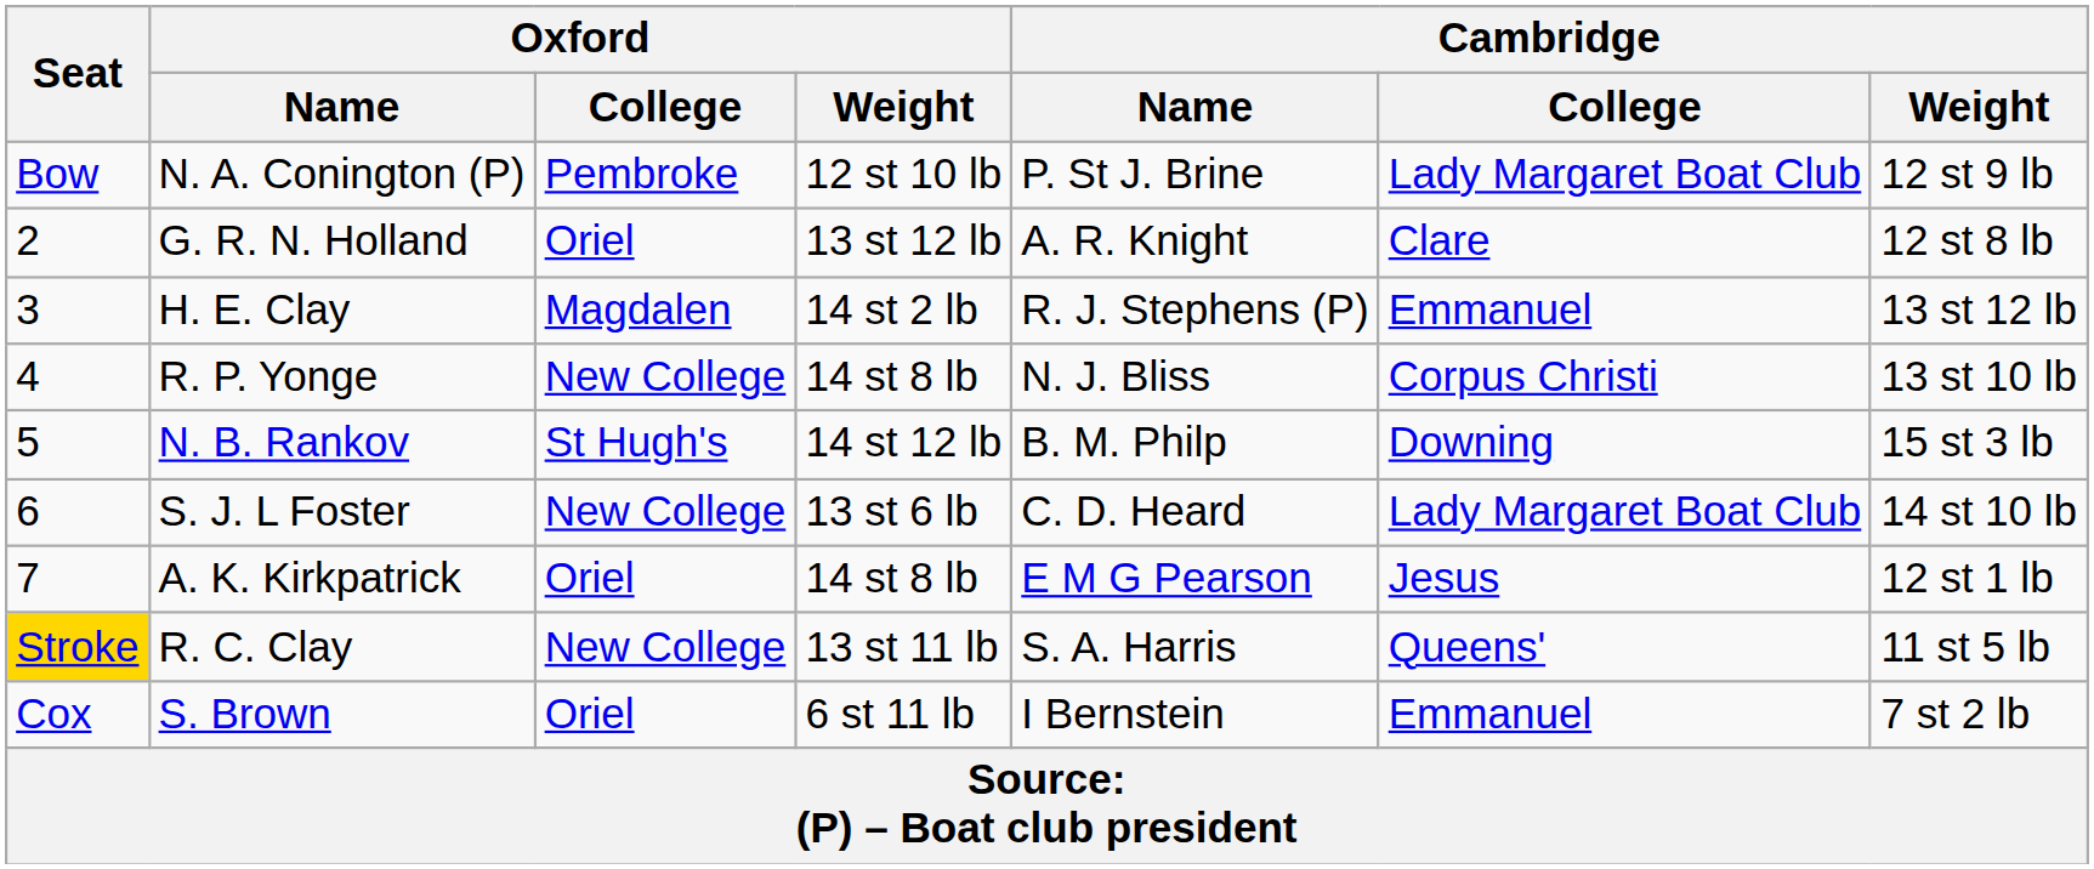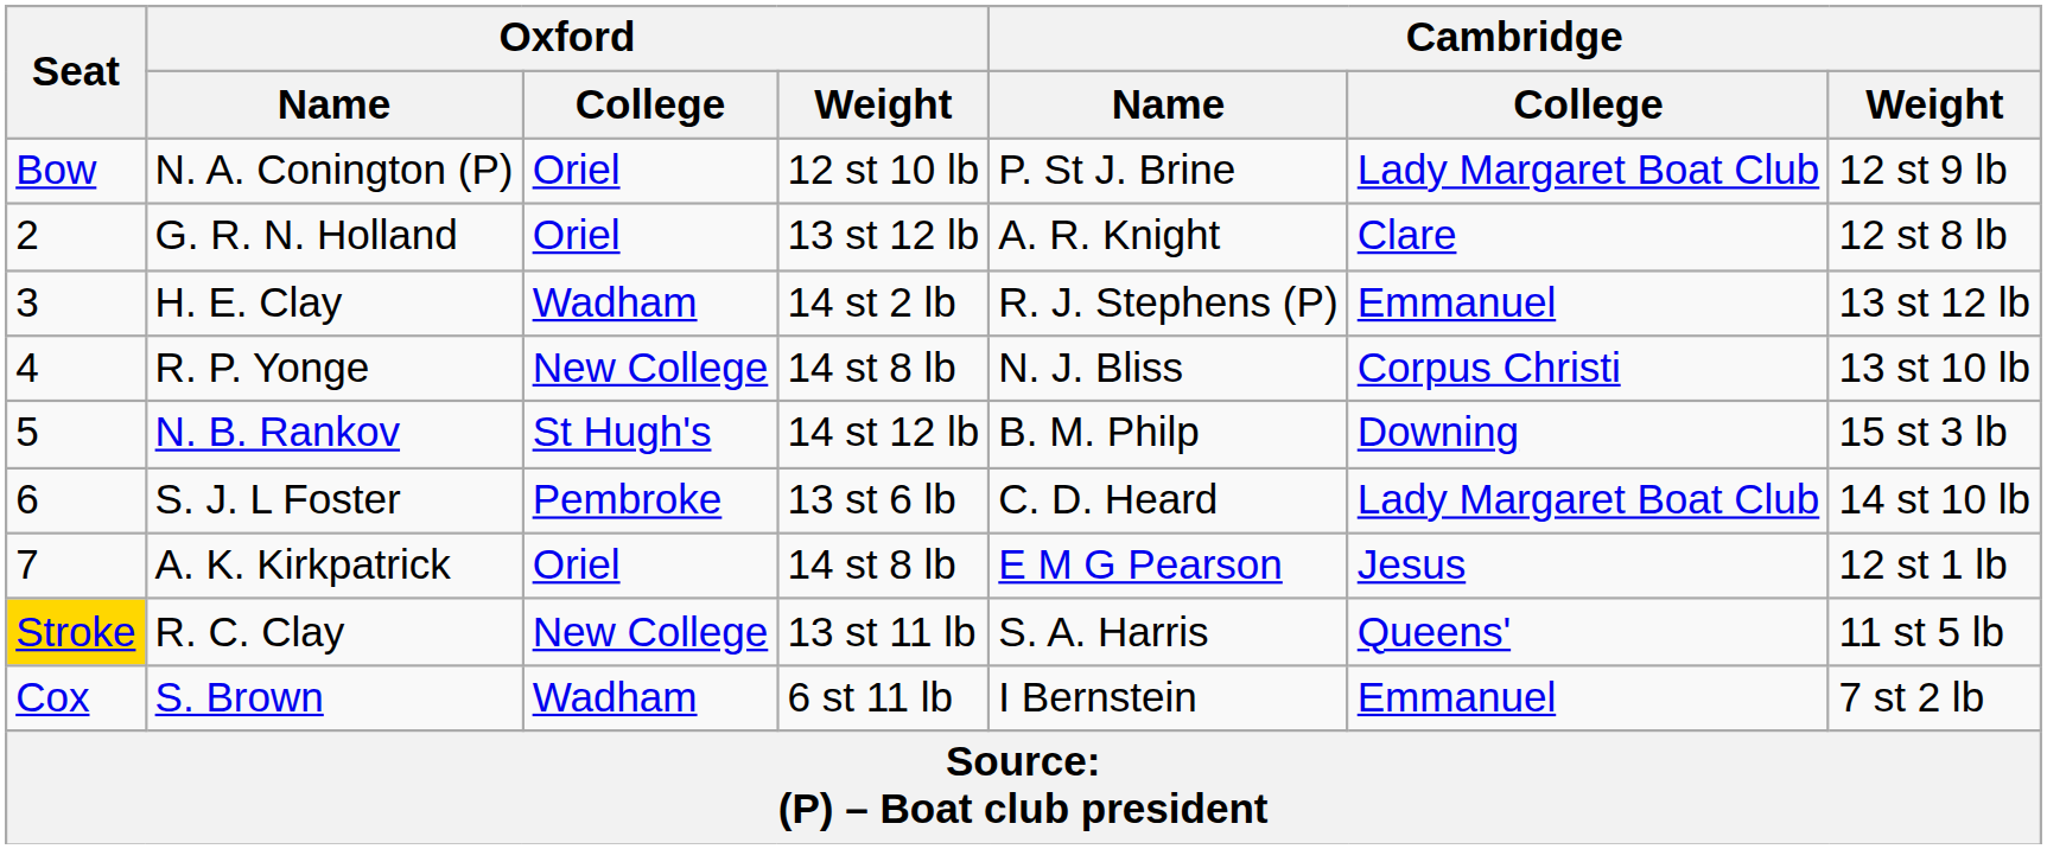 <table class="wikitable">
 <tr>
 <th rowspan="2" scope="col">Seat</th>
 <th colspan="3" scope="col">Oxford <br> </th>
 <th colspan="3" scope="col">Cambridge <br> </th>
 </tr>
 <tr>
 <th>Name</th>
 <th>College</th>
 <th>Weight</th>
 <th>Name</th>
 <th>College</th>
 <th>Weight</th>
 </tr>
 <tr>
 <td><a href='#'>Bow</a></td>
 <td>N. A. Conington (P)</td>
-<td><a href='#'>Pembroke</a></td>
+<td><a href='#'>Oriel</a></td>
 <td>12 st 10 lb</td>
 <td>P. St J. Brine</td>
 <td><a href='#'>Lady Margaret Boat Club</a></td>
 <td>12 st 9 lb</td>
 </tr>
 <tr>
 <td>2</td>
 <td>G. R. N. Holland</td>
 <td><a href='#'>Oriel</a></td>
 <td>13 st 12 lb</td>
 <td>A. R. Knight</td>
 <td><a href='#'>Clare</a></td>
 <td>12 st 8 lb</td>
 </tr>
 <tr>
 <td>3</td>
 <td>H. E. Clay</td>
-<td><a href='#'>Magdalen</a></td>
+<td><a href='#'>Wadham</a></td>
 <td>14 st 2 lb</td>
 <td>R. J. Stephens (P)</td>
 <td><a href='#'>Emmanuel</a></td>
 <td>13 st 12 lb</td>
 </tr>
 <tr>
 <td>4</td>
 <td>R. P. Yonge</td>
 <td><a href='#'>New College</a></td>
 <td>14 st 8 lb</td>
 <td>N. J. Bliss</td>
 <td><a href='#'>Corpus Christi</a></td>
 <td>13 st 10 lb</td>
 </tr>
 <tr>
 <td>5</td>
 <td><a href='#'>N. B. Rankov</a></td>
 <td><a href='#'>St Hugh's</a></td>
 <td>14 st 12 lb</td>
 <td>B. M. Philp</td>
 <td><a href='#'>Downing</a></td>
 <td>15 st 3 lb</td>
 </tr>
 <tr>
 <td>6</td>
 <td>S. J. L Foster</td>
-<td><a href='#'>New College</a></td>
+<td><a href='#'>Pembroke</a></td>
 <td>13 st 6 lb</td>
 <td>C. D. Heard</td>
 <td><a href='#'>Lady Margaret Boat Club</a></td>
 <td>14 st 10 lb</td>
 </tr>
 <tr>
 <td>7</td>
 <td>A. K. Kirkpatrick</td>
 <td><a href='#'>Oriel</a></td>
 <td>14 st 8 lb</td>
 <td><a href='#'>E M G Pearson</a></td>
 <td><a href='#'>Jesus</a></td>
 <td>12 st 1 lb</td>
 </tr>
 <tr>
 <td style="background: gold;"><a href='#'>Stroke</a></td>
 <td>R. C. Clay</td>
 <td><a href='#'>New College</a></td>
 <td>13 st 11 lb</td>
 <td>S. A. Harris</td>
 <td><a href='#'>Queens'</a></td>
 <td>11 st 5 lb</td>
 </tr>
 <tr>
 <td><a href='#'>Cox</a></td>
 <td><a href='#'>S. Brown</a></td>
-<td><a href='#'>Oriel</a></td>
+<td><a href='#'>Wadham</a></td>
 <td>6 st 11 lb</td>
 <td>I Bernstein</td>
 <td><a href='#'>Emmanuel</a></td>
 <td>7 st 2 lb</td>
 </tr>
 <tr>
 <th colspan="7">Source:<br>(P) – Boat club president</th>
 </tr>
 </table>
